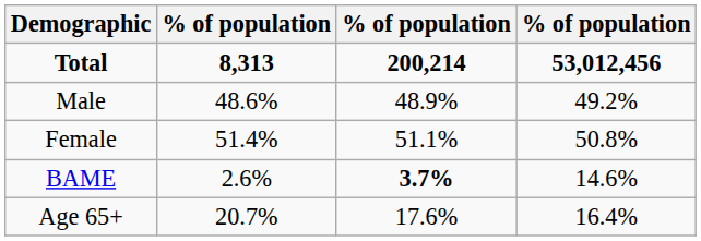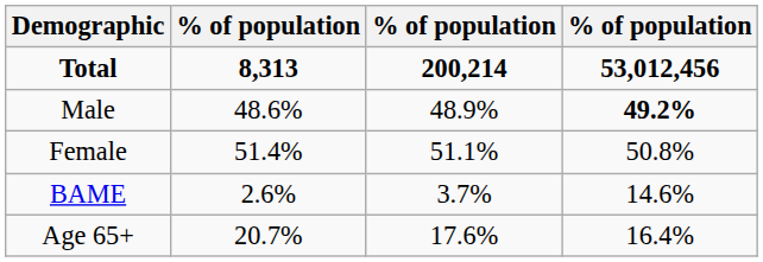 <table class="wikitable sortable" style="text-align: center">
 <tr>
 <th>Demographic</th>
 <th>% of population<br></th>
 <th>% of population<br></th>
 <th>% of population<br></th>
 </tr>
 <tr>
 <td><strong>Total</strong></td>
 <td><strong>8,313</strong></td>
 <td><strong>200,214</strong></td>
 <td><strong>53,012,456</strong></td>
 </tr>
 <tr>
 <td>Male</td>
 <td>48.6%</td>
 <td>48.9%</td>
-<td>49.2%</td>
+<td><strong>49.2%</strong></td>
 </tr>
 <tr>
 <td>Female</td>
 <td>51.4%</td>
 <td>51.1%</td>
 <td>50.8%</td>
 </tr>
 <tr>
 <td><a href='#'>BAME</a></td>
 <td>2.6%</td>
-<td><strong>3.7%</strong></td>
+<td>3.7%</td>
 <td>14.6%</td>
 </tr>
 <tr>
 <td>Age 65+</td>
 <td>20.7%</td>
 <td>17.6%</td>
 <td>16.4%</td>
 </tr>
 </table>
